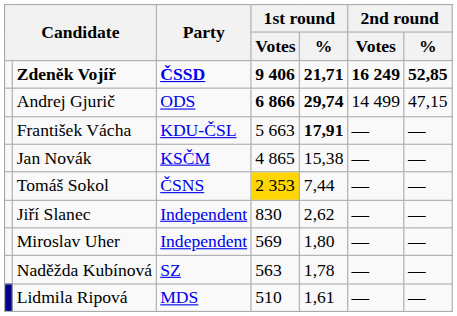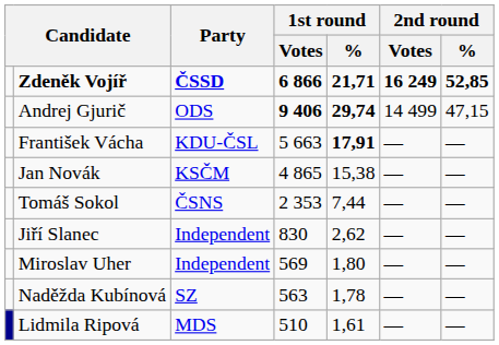 <table class="wikitable sortable">
 <tr>
 <th colspan="2" rowspan="2">Candidate</th>
 <th rowspan="2">Party</th>
 <th colspan="2">1st round</th>
 <th colspan="2">2nd round</th>
 </tr>
 <tr>
 <th>Votes</th>
 <th>%</th>
 <th>Votes</th>
 <th>%</th>
 </tr>
 <tr>
 <td style="background-color:"></td>
 <td><strong>Zdeněk Vojíř</strong></td>
 <td><a href='#'><strong>ČSSD</strong></a></td>
-<td><strong>9 406</strong></td>
+<td><strong>6 866</strong></td>
 <td><strong>21,71</strong></td>
 <td><strong>16 249</strong></td>
 <td><strong>52,85</strong></td>
 </tr>
 <tr>
 <td style="background-color:"></td>
 <td>Andrej Gjurič</td>
 <td><a href='#'>ODS</a></td>
-<td><strong>6 866</strong></td>
+<td><strong>9 406</strong></td>
 <td><strong>29,74</strong></td>
 <td>14 499</td>
 <td>47,15</td>
 </tr>
 <tr>
 <td style="background-color:"></td>
 <td>František Vácha</td>
 <td><a href='#'>KDU-ČSL</a></td>
 <td>5 663</td>
 <td><strong>17,91</strong></td>
 <td>—</td>
 <td>—</td>
 </tr>
 <tr>
 <td style="background-color:"></td>
 <td>Jan Novák</td>
 <td><a href='#'>KSČM</a></td>
 <td>4 865</td>
 <td>15,38</td>
 <td>—</td>
 <td>—</td>
 </tr>
 <tr>
 <td style="background-color:"></td>
 <td>Tomáš Sokol</td>
 <td><a href='#'>ČSNS</a></td>
-<td style="background: gold;">2 353</td>
+<td>2 353</td>
 <td>7,44</td>
 <td>—</td>
 <td>—</td>
 </tr>
 <tr>
 <td style="background-color:"></td>
 <td>Jiří Slanec</td>
 <td><a href='#'>Independent</a></td>
 <td>830</td>
 <td>2,62</td>
 <td>—</td>
 <td>—</td>
 </tr>
 <tr>
 <td style="background-color:"></td>
 <td>Miroslav Uher</td>
 <td><a href='#'>Independent</a></td>
 <td>569</td>
 <td>1,80</td>
 <td>—</td>
 <td>—</td>
 </tr>
 <tr>
 <td style="background-color:"></td>
 <td>Naděžda Kubínová</td>
 <td><a href='#'>SZ</a></td>
 <td>563</td>
 <td>1,78</td>
 <td>—</td>
 <td>—</td>
 </tr>
 <tr>
 <td style="background-color:darkblue"></td>
 <td>Lidmila Ripová</td>
 <td><a href='#'>MDS</a></td>
 <td>510</td>
 <td>1,61</td>
 <td>—</td>
 <td>—</td>
 </tr>
 </table>
